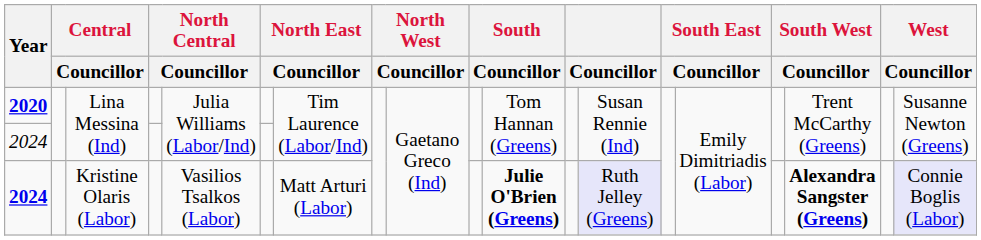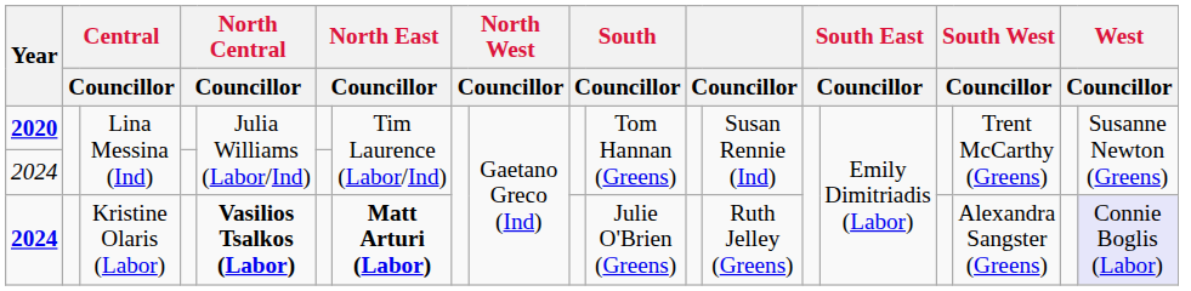 <table class="wikitable">
 <tr>
 <th rowspan="2">Year</th>
 <th style="color:crimson"; colspan="2">Central</th>
 <th style="color:crimson"; colspan="2">North Central</th>
 <th style="color:crimson"; colspan="2">North East</th>
 <th style="color:crimson"; colspan="2">North West</th>
 <th style="color:crimson"; colspan="2">South</th>
 <th style="color:crimson"; colspan="2"></th>
 <th style="color:crimson"; colspan="2">South East</th>
 <th style="color:crimson"; colspan="2">South West</th>
 <th style="color:crimson"; colspan="2">West</th>
 </tr>
 <tr>
 <th colspan="2">Councillor</th>
 <th colspan="2">Councillor</th>
 <th colspan="2">Councillor</th>
 <th colspan="2">Councillor</th>
 <th colspan="2">Councillor</th>
 <th colspan="2">Councillor</th>
 <th colspan="2">Councillor</th>
 <th colspan="2">Councillor</th>
 <th colspan="2">Councillor</th>
 </tr>
 <tr>
 <td align=center><strong><a href='#'>2020</a></strong></td>
 <td rowspan="2"; width="1px" > </td>
 <td rowspan="2"; align="center">Lina Messina <br> (<a href='#'>Ind</a>)</td>
 <td rowspan="1" width="1px" > </td>
 <td rowspan="2"; align="center">Julia Williams (<a href='#'>Labor</a>/<a href='#'>Ind</a>)</td>
 <td rowspan="1" width="1px" > </td>
 <td rowspan="2"; align="center">Tim Laurence (<a href='#'>Labor</a>/<a href='#'>Ind</a>)</td>
 <td rowspan="3"; width="1px" > </td>
 <td rowspan="3"; align="center">Gaetano Greco <br> (<a href='#'>Ind</a>)</td>
 <td rowspan="2"; width="1px" > </td>
 <td rowspan="2"; align="center">Tom Hannan <br> (<a href='#'>Greens</a>)</td>
 <td rowspan="2"; width="1px" > </td>
 <td rowspan="2"; align="center">Susan Rennie <br> (<a href='#'>Ind</a>)</td>
 <td rowspan="3" width="1px" > </td>
 <td rowspan="3"; align="center">Emily Dimitriadis (<a href='#'>Labor</a>)</td>
 <td rowspan="2"; width="1px" > </td>
 <td rowspan="2"; align="center">Trent McCarthy <br> (<a href='#'>Greens</a>)</td>
 <td rowspan="2"; width="1px" > </td>
 <td rowspan="2"; align="center">Susanne Newton <br> (<a href='#'>Greens</a>)</td>
 </tr>
 <tr>
 <td align=center><em>2024</em></td>
 <td rowspan="1"; width="1px" > </td>
 <td rowspan="1"; width="1px" > </td>
 </tr>
 <tr>
 <td align=center><strong><a href='#'>2024</a></strong></td>
 <td rowspan="1" width="1px" > </td>
 <td rowspan="1"; align="center">Kristine Olaris (<a href='#'>Labor</a>)</td>
 <td rowspan="1" width="1px" > </td>
-<td rowspan="1"; align="center">Vasilios Tsalkos (<a href='#'>Labor</a>)</td>
+<td rowspan="1"; align="center"><strong>Vasilios Tsalkos (<a href='#'>Labor</a>)</strong></td>
 <td rowspan="1" width="1px" > </td>
-<td rowspan="1"; align="center">Matt Arturi (<a href='#'>Labor</a>)</td>
+<td rowspan="1"; align="center"><strong>Matt Arturi (<a href='#'>Labor</a>)</strong></td>
 <td rowspan="1"; width="1px" > </td>
-<td rowspan="1"; align="center"><strong>Julie O'Brien <br> (<a href='#'>Greens</a>)</strong></td>
+<td rowspan="1"; align="center">Julie O'Brien <br> (<a href='#'>Greens</a>)</td>
 <td rowspan="1"; width="1px" > </td>
-<td rowspan="1"; align="center" style="background: lavender;">Ruth Jelley <br> (<a href='#'>Greens</a>)</td>
+<td rowspan="1"; align="center">Ruth Jelley <br> (<a href='#'>Greens</a>)</td>
 <td rowspan="1"; width="1px" > </td>
-<td rowspan="1"; align="center"><strong>Alexandra Sangster <br> (<a href='#'>Greens</a>)</strong></td>
+<td rowspan="1"; align="center">Alexandra Sangster <br> (<a href='#'>Greens</a>)</td>
 <td rowspan="1" width="1px" > </td>
 <td rowspan="1"; align="center" style="background: lavender;">Connie Boglis (<a href='#'>Labor</a>)</td>
 </tr>
 </table>
